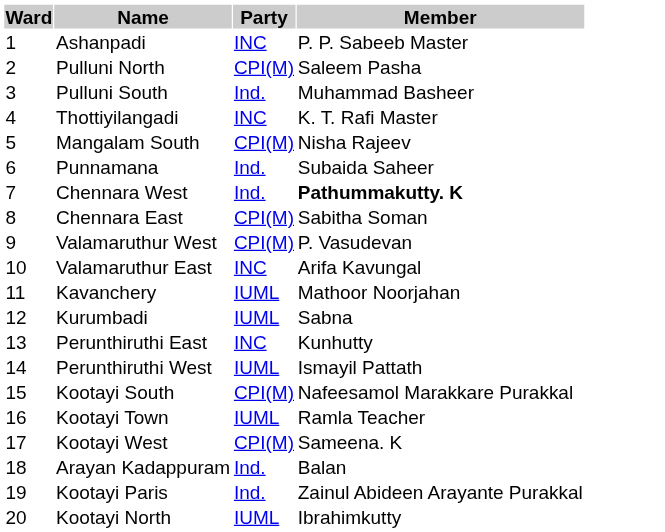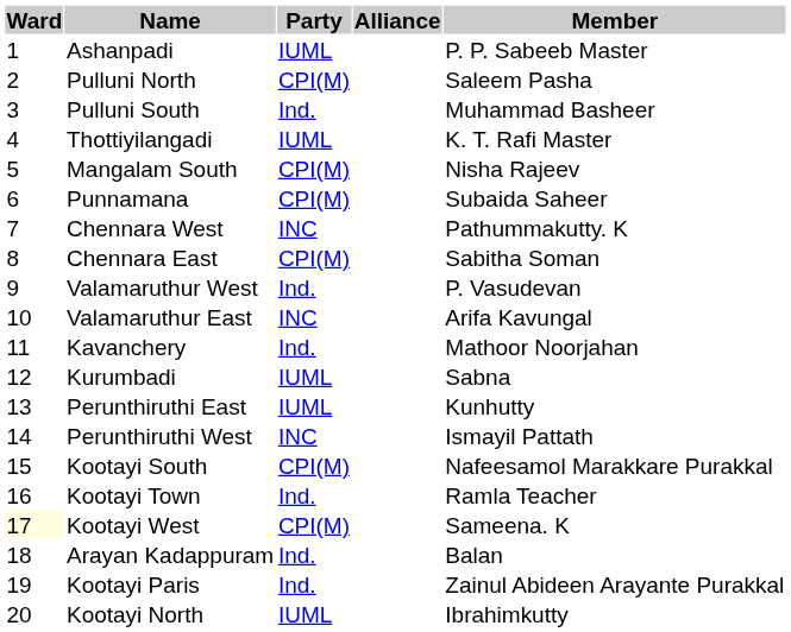 <table align="left" class="toccolours" cellspacing="1" cellpadding="1" style="margin-right: .5em; margin-top: .4em; font-size: 95%">
 <tr bgcolor="#cccccc" valign="top">
 <th>Ward</th>
 <th>Name</th>
 <th>Party</th>
+<th>Alliance</th>
 <th>Member</th>
 </tr>
 <tr po>
 <td>1</td>
 <td>Ashanpadi</td>
-<td style="background-color:"><a href='#'><span>INC</span></a></td>
+<td style="background-color:"><a href='#'><span>IUML</span></a></td>
+<td></td>
 <td>P. P. Sabeeb Master</td>
 </tr>
 <tr>
 <td>2</td>
 <td>Pulluni North</td>
 <td style="background-color:"><a href='#'><span>CPI(M)</span></a></td>
+<td></td>
 <td>Saleem Pasha</td>
 </tr>
 <tr>
 <td>3</td>
 <td>Pulluni South</td>
 <td style="background-color:"><a href='#'><span>Ind.</span></a></td>
+<td></td>
 <td>Muhammad Basheer</td>
 </tr>
 <tr>
 <td>4</td>
 <td>Thottiyilangadi</td>
-<td style="background-color:"><a href='#'><span>INC</span></a></td>
+<td style="background-color:"><a href='#'><span>IUML</span></a></td>
+<td></td>
 <td>K. T. Rafi Master</td>
 </tr>
 <tr>
 <td>5</td>
 <td>Mangalam South</td>
 <td style="background-color:"><a href='#'><span>CPI(M)</span></a></td>
+<td></td>
 <td>Nisha Rajeev</td>
 </tr>
 <tr>
 <td>6</td>
 <td>Punnamana</td>
-<td style="background-color:"><a href='#'><span>Ind.</span></a></td>
+<td style="background-color:"><a href='#'><span>CPI(M)</span></a></td>
+<td></td>
 <td>Subaida Saheer</td>
 </tr>
 <tr>
 <td>7</td>
 <td>Chennara West</td>
-<td style="background-color:"><a href='#'><span>Ind.</span></a></td>
-<td><strong>Pathummakutty. K</strong></td>
+<td style="background-color:"><a href='#'><span>INC</span></a></td>
+<td></td>
+<td>Pathummakutty. K</td>
 </tr>
 <tr>
 <td>8</td>
 <td>Chennara East</td>
 <td style="background-color:"><a href='#'><span>CPI(M)</span></a></td>
+<td></td>
 <td>Sabitha Soman</td>
 </tr>
 <tr>
 <td>9</td>
 <td>Valamaruthur West</td>
-<td style="background-color:"><a href='#'><span>CPI(M)</span></a></td>
+<td style="background-color:"><a href='#'><span>Ind.</span></a></td>
+<td></td>
 <td>P. Vasudevan</td>
 </tr>
 <tr>
 <td>10</td>
 <td>Valamaruthur East</td>
 <td style="background-color:"><a href='#'><span>INC</span></a></td>
+<td></td>
 <td>Arifa Kavungal</td>
 </tr>
 <tr>
 <td>11</td>
 <td>Kavanchery</td>
-<td style="background-color:"><a href='#'><span>IUML</span></a></td>
+<td style="background-color:"><a href='#'><span>Ind.</span></a></td>
+<td></td>
 <td>Mathoor Noorjahan</td>
 </tr>
 <tr>
 <td>12</td>
 <td>Kurumbadi</td>
 <td style="background-color:"><a href='#'><span>IUML</span></a></td>
+<td></td>
 <td>Sabna</td>
 </tr>
 <tr>
 <td>13</td>
 <td>Perunthiruthi East</td>
-<td style="background-color:"><a href='#'><span>INC</span></a></td>
+<td style="background-color:"><a href='#'><span>IUML</span></a></td>
+<td></td>
 <td>Kunhutty</td>
 </tr>
 <tr>
 <td>14</td>
 <td>Perunthiruthi West</td>
-<td style="background-color:"><a href='#'><span>IUML</span></a></td>
+<td style="background-color:"><a href='#'><span>INC</span></a></td>
+<td></td>
 <td>Ismayil Pattath</td>
 </tr>
 <tr>
 <td>15</td>
 <td>Kootayi South</td>
 <td style="background-color:"><a href='#'><span>CPI(M)</span></a></td>
+<td></td>
 <td>Nafeesamol Marakkare Purakkal</td>
 </tr>
 <tr>
 <td>16</td>
 <td>Kootayi Town</td>
-<td style="background-color:"><a href='#'><span>IUML</span></a></td>
+<td style="background-color:"><a href='#'><span>Ind.</span></a></td>
+<td></td>
 <td>Ramla Teacher</td>
 </tr>
 <tr>
-<td>17</td>
+<td style="background: lightyellow;">17</td>
 <td>Kootayi West</td>
 <td style="background-color:"><a href='#'><span>CPI(M)</span></a></td>
+<td></td>
 <td>Sameena. K</td>
 </tr>
 <tr>
 <td>18</td>
 <td>Arayan Kadappuram</td>
 <td style="background-color:"><a href='#'><span>Ind.</span></a></td>
+<td></td>
 <td>Balan</td>
 </tr>
 <tr>
 <td>19</td>
 <td>Kootayi Paris</td>
 <td style="background-color:"><a href='#'><span>Ind.</span></a></td>
+<td></td>
 <td>Zainul Abideen Arayante Purakkal</td>
 </tr>
 <tr>
 <td>20</td>
 <td>Kootayi North</td>
 <td style="background-color:"><a href='#'><span>IUML</span></a></td>
+<td></td>
 <td>Ibrahimkutty</td>
 </tr>
 </table>
